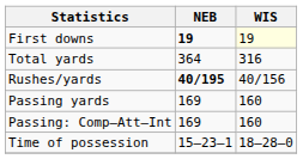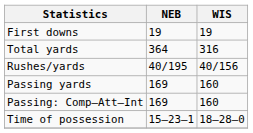 <table class="wikitable" style="float: left;">
 <tr>
 <th>Statistics</th>
 <th>NEB</th>
 <th>WIS</th>
 </tr>
 <tr>
 <td>First downs</td>
-<td><strong>19</strong></td>
-<td style="background: lightyellow;">19</td>
+<td>19</td>
+<td>19</td>
 </tr>
 <tr>
 <td>Total yards</td>
 <td>364</td>
 <td>316</td>
 </tr>
 <tr>
 <td>Rushes/yards</td>
-<td><strong>40/195</strong></td>
+<td>40/195</td>
 <td>40/156</td>
 </tr>
 <tr>
 <td>Passing yards</td>
 <td>169</td>
 <td>160</td>
 </tr>
 <tr>
 <td>Passing: Comp–Att–Int</td>
 <td>169</td>
 <td>160</td>
 </tr>
 <tr>
 <td>Time of possession</td>
 <td>15–23–1</td>
 <td>18–28–0</td>
 </tr>
 <tr>
 </tr>
 </table>
